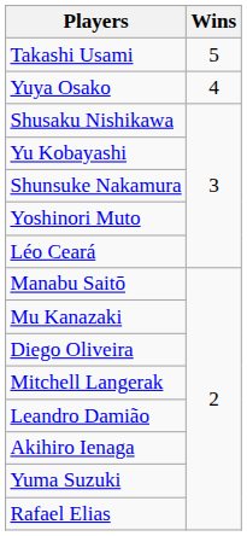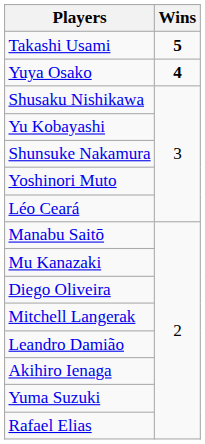 <table class="wikitable plainrowheaders">
 <tr>
 <th scope=col>Players</th>
 <th scope=col>Wins</th>
 </tr>
 <tr>
 <td><a href='#'>Takashi Usami</a></td>
-<td rowspan=1 align=center>5</td>
+<td rowspan=1 align=center><strong>5</strong></td>
 </tr>
 <tr>
 <td><a href='#'>Yuya Osako</a></td>
-<td rowspan=1 align=center>4</td>
+<td rowspan=1 align=center><strong>4</strong></td>
 </tr>
 <tr>
 <td><a href='#'>Shusaku Nishikawa</a></td>
 <td rowspan=5 align=center>3</td>
 </tr>
 <tr>
 <td><a href='#'>Yu Kobayashi</a></td>
 </tr>
 <tr>
 <td><a href='#'>Shunsuke Nakamura</a></td>
 </tr>
 <tr>
 <td><a href='#'>Yoshinori Muto</a></td>
 </tr>
 <tr>
 <td><a href='#'>Léo Ceará</a></td>
 </tr>
 <tr>
 <td><a href='#'>Manabu Saitō</a></td>
 <td rowspan=8 align=center>2</td>
 </tr>
 <tr>
 <td><a href='#'>Mu Kanazaki</a></td>
 </tr>
 <tr>
 <td><a href='#'>Diego Oliveira</a></td>
 </tr>
 <tr>
 <td><a href='#'>Mitchell Langerak</a></td>
 </tr>
 <tr>
 <td><a href='#'>Leandro Damião</a></td>
 </tr>
 <tr>
 <td><a href='#'>Akihiro Ienaga</a></td>
 </tr>
 <tr>
 <td><a href='#'>Yuma Suzuki</a></td>
 </tr>
 <tr>
 <td><a href='#'>Rafael Elias</a></td>
 </tr>
 </table>
